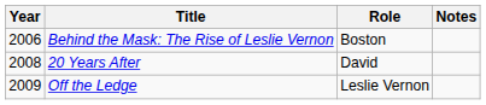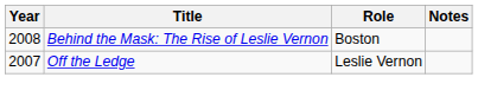 <table class="wikitable">
 <tr>
 <th>Year</th>
 <th>Title</th>
 <th>Role</th>
 <th>Notes</th>
 </tr>
 <tr>
-<td>2006</td>
+<td>2008</td>
 <td><em><a href='#'>Behind the Mask: The Rise of Leslie Vernon</a></em></td>
 <td>Boston</td>
 <td></td>
 </tr>
 <tr>
-<td>2008</td>
-<td><em><a href='#'>20 Years After</a></em></td>
-<td>David</td>
-<td></td>
-</tr>
-<tr>
-<td>2009</td>
+<td>2007</td>
 <td><em><a href='#'>Off the Ledge</a></em></td>
 <td>Leslie Vernon</td>
 <td></td>
 </tr>
 </table>
